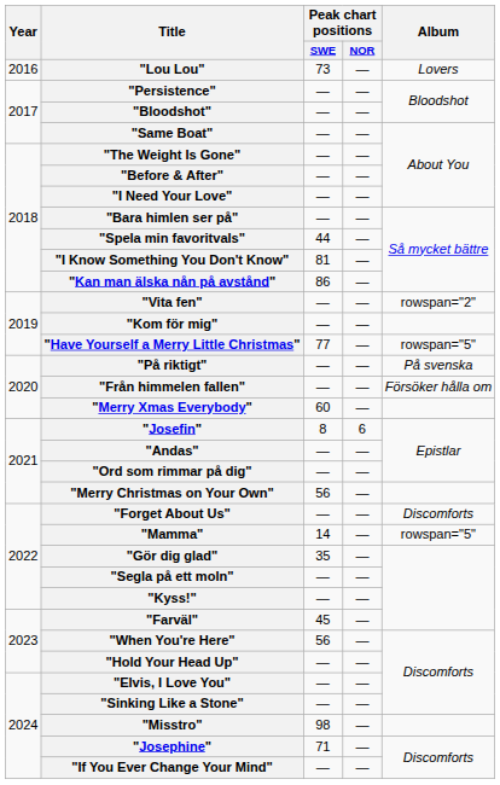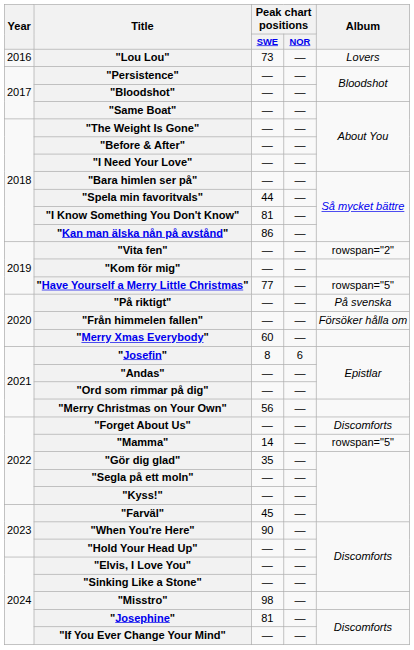 <table class="wikitable plainrowheaders" style="text-align:center">
 <tr>
 <th scope="col" rowspan="2">Year</th>
 <th scope="col" rowspan="2">Title</th>
 <th scope="col" colspan="2">Peak chart positions</th>
 <th scope="col" rowspan="2">Album</th>
 </tr>
 <tr>
 <th scope="col" style="width:3em;font-size:85%;"><a href='#'>SWE</a><br></th>
 <th scope="col" style="width:3em;font-size:85%;"><a href='#'>NOR</a><br></th>
 </tr>
 <tr>
 <td>2016</td>
 <th scope="row">"Lou Lou"</th>
 <td>73</td>
 <td>—</td>
 <td><em>Lovers</em></td>
 </tr>
 <tr>
 <td rowspan="3">2017</td>
 <th scope="row">"Persistence"</th>
 <td>—</td>
 <td>—</td>
 <td rowspan="2"><em>Bloodshot</em></td>
 </tr>
 <tr>
 <th scope="row">"Bloodshot"</th>
 <td>—</td>
 <td>—</td>
 </tr>
 <tr>
 <th scope="row">"Same Boat"</th>
 <td>—</td>
 <td>—</td>
 <td rowspan="4"><em>About You</em></td>
 </tr>
 <tr>
 <td rowspan="7">2018</td>
 <th scope="row">"The Weight Is Gone"</th>
 <td>—</td>
 <td>—</td>
 </tr>
 <tr>
 <th scope="row">"Before & After"</th>
 <td>—</td>
 <td>—</td>
 </tr>
 <tr>
 <th scope="row">"I Need Your Love"</th>
 <td>—</td>
 <td>—</td>
 </tr>
 <tr>
 <th scope="row">"Bara himlen ser på"</th>
 <td>—</td>
 <td>—</td>
 <td rowspan="4"><em><a href='#'>Så mycket bättre</a></em></td>
 </tr>
 <tr>
 <th scope="row">"Spela min favoritvals"</th>
 <td>44</td>
 <td>—</td>
 </tr>
 <tr>
 <th scope="row">"I Know Something You Don't Know"</th>
 <td>81</td>
 <td>—</td>
 </tr>
 <tr>
 <th scope="row">"<a href='#'>Kan man älska nån på avstånd</a>"</th>
 <td>86</td>
 <td>—</td>
 </tr>
 <tr>
 <td rowspan="3">2019</td>
 <th scope="row">"Vita fen" </th>
 <td>—</td>
 <td>—</td>
 <td>rowspan="2" </td>
 </tr>
 <tr>
 <th scope="row">"Kom för mig"</th>
 <td>—</td>
 <td>—</td>
 </tr>
 <tr>
 <th scope="row">"<a href='#'>Have Yourself a Merry Little Christmas</a>"</th>
 <td>77</td>
 <td>—</td>
 <td>rowspan="5" </td>
 </tr>
 <tr>
 <td rowspan="3">2020</td>
 <th scope="row">"På riktigt"</th>
 <td>—</td>
 <td>—</td>
 <td><em>På svenska</em></td>
 </tr>
 <tr>
 <th scope="row">"Från himmelen fallen"<br></th>
 <td>—</td>
 <td>—</td>
 <td><em>Försöker hålla om</em></td>
 </tr>
 <tr>
 <th scope="row">"<a href='#'>Merry Xmas Everybody</a>"</th>
 <td>60</td>
 <td>—</td>
 <td></td>
 </tr>
 <tr>
 <td rowspan="4">2021</td>
 <th scope="row">"<a href='#'>Josefin</a>"</th>
 <td>8<br></td>
 <td>6</td>
 <td rowspan="3"><em>Epistlar</em></td>
 </tr>
 <tr>
 <th scope="row">"Andas"</th>
 <td>—</td>
 <td>—</td>
 </tr>
 <tr>
 <th scope="row">"Ord som rimmar på dig"</th>
 <td>—</td>
 <td>—</td>
 </tr>
 <tr>
 <th scope="row">"Merry Christmas on Your Own"<br></th>
 <td>56<br></td>
 <td>—</td>
 <td></td>
 </tr>
 <tr>
 <td rowspan="5">2022</td>
 <th scope="row">"Forget About Us"</th>
 <td>—</td>
 <td>—</td>
 <td><em>Discomforts</em></td>
 </tr>
 <tr>
 <th scope="row">"Mamma"</th>
 <td>14<br></td>
 <td>—</td>
 <td>rowspan="5" </td>
 </tr>
 <tr>
 <th scope="row">"Gör dig glad"<br></th>
 <td>35<br></td>
 <td>—</td>
 </tr>
 <tr>
 <th scope="row">"Segla på ett moln"<br></th>
 <td>—</td>
 <td>—</td>
 </tr>
 <tr>
 <th scope="row">"Kyss!"</th>
 <td>—</td>
 <td>—</td>
 </tr>
 <tr>
 <td rowspan="3">2023</td>
 <th scope="row">"Farväl"</th>
 <td>45<br></td>
 <td>—</td>
 </tr>
 <tr>
 <th scope="row">"When You're Here"</th>
-<td>56<br></td>
+<td>90<br></td>
 <td>—</td>
 <td rowspan="4"><em>Discomforts</em></td>
 </tr>
 <tr>
 <th scope="row">"Hold Your Head Up"<br></th>
 <td>—</td>
 <td>—</td>
 </tr>
 <tr>
 <td rowspan="5">2024</td>
 <th scope="row">"Elvis, I Love You"</th>
 <td>—</td>
 <td>—</td>
 </tr>
 <tr>
 <th scope="row">"Sinking Like a Stone"</th>
 <td>—</td>
 <td>—</td>
 </tr>
 <tr>
 <th scope="row">"Misstro"<br></th>
 <td>98<br></td>
 <td>—</td>
 <td></td>
 </tr>
 <tr>
 <th scope="row">"<a href='#'>Josephine</a>"<br></th>
-<td>71<br></td>
+<td>81</td>
 <td>—</td>
 <td rowspan="2"><em>Discomforts</em></td>
 </tr>
 <tr>
 <th scope="row">"If You Ever Change Your Mind"</th>
 <td>—</td>
 <td>—</td>
 </tr>
 </table>
